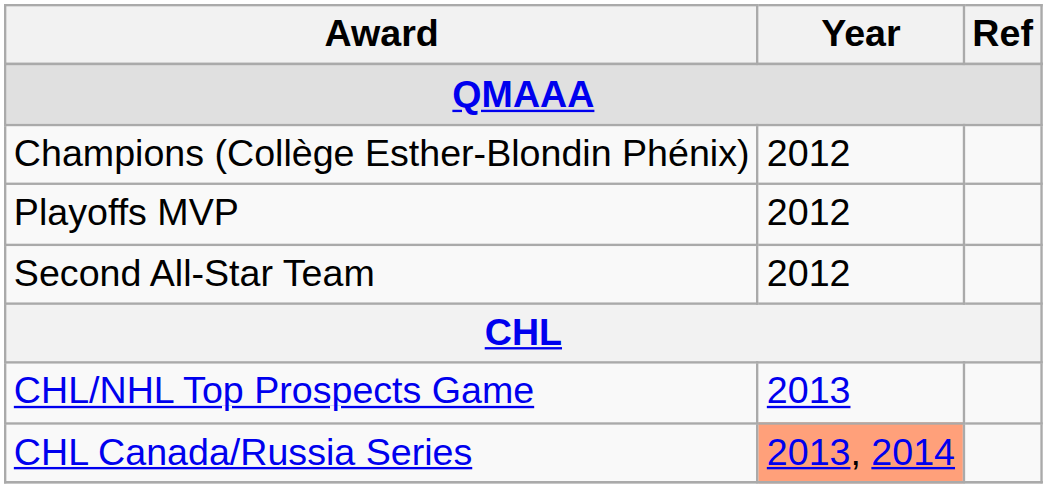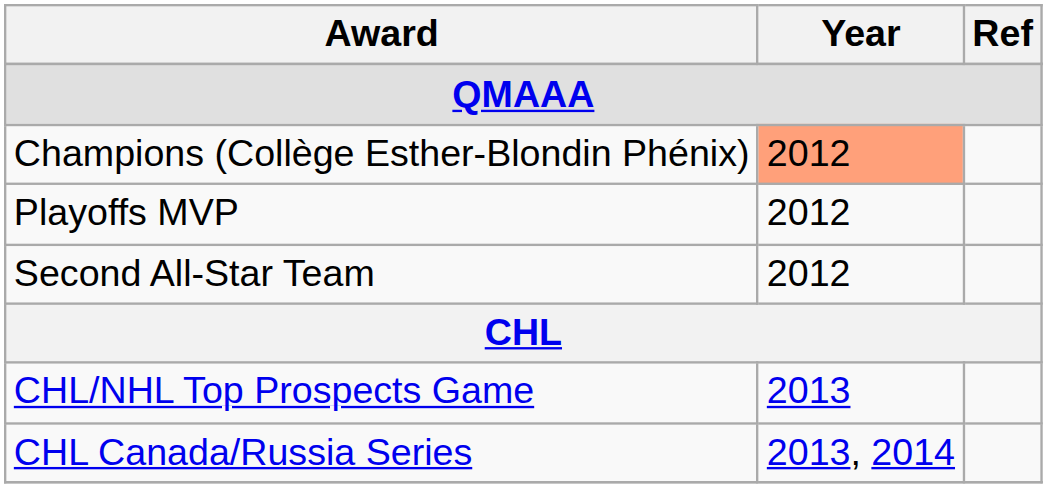 <table class="wikitable">
 <tr>
 <th>Award</th>
 <th>Year</th>
 <th>Ref</th>
 </tr>
 <tr>
 </tr>
 <tr ALIGN="center" bgcolor="#e0e0e0">
 <td colspan="3"><strong><a href='#'>QMAAA</a></strong></td>
 </tr>
 <tr>
 <td>Champions (Collège Esther-Blondin Phénix)</td>
-<td>2012</td>
+<td style="background: lightsalmon;">2012</td>
 <td></td>
 </tr>
 <tr>
 <td>Playoffs MVP</td>
 <td>2012</td>
 <td></td>
 </tr>
 <tr>
 <td>Second All-Star Team</td>
 <td>2012</td>
 <td></td>
 </tr>
 <tr>
 <th colspan="3"><a href='#'>CHL</a></th>
 </tr>
 <tr>
 <td><a href='#'>CHL/NHL Top Prospects Game</a></td>
 <td><a href='#'>2013</a></td>
 <td></td>
 </tr>
 <tr>
 <td><a href='#'>CHL Canada/Russia Series</a></td>
-<td style="background: lightsalmon;"><a href='#'>2013</a>, <a href='#'>2014</a></td>
+<td><a href='#'>2013</a>, <a href='#'>2014</a></td>
 <td></td>
 </tr>
 <tr>
 </tr>
 </table>
